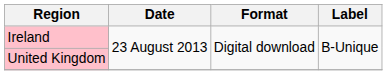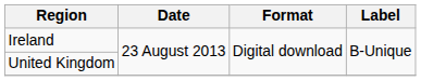 <table class=wikitable>
 <tr>
 <th>Region</th>
 <th>Date</th>
 <th>Format</th>
 <th>Label</th>
 </tr>
 <tr>
-<td style="background: pink;">Ireland</td>
+<td>Ireland</td>
 <td rowspan="2">23 August 2013</td>
 <td rowspan="2">Digital download</td>
 <td rowspan="2">B-Unique</td>
 </tr>
 <tr>
-<td style="background: pink;">United Kingdom</td>
+<td>United Kingdom</td>
 </tr>
 <tr>
 </tr>
 </table>
